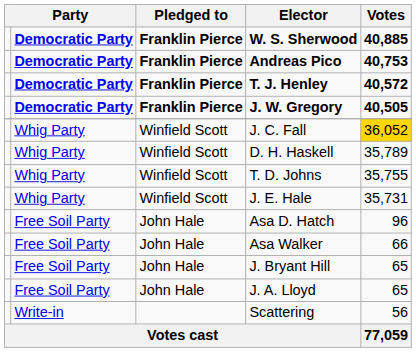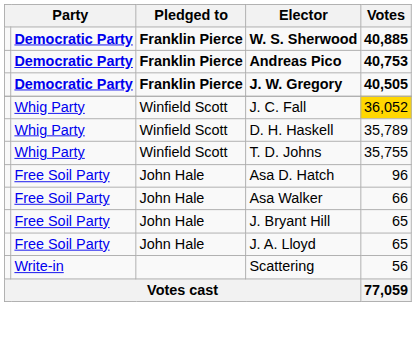 <table class="wikitable">
 <tr>
 <th colspan=2>Party</th>
 <th>Pledged to</th>
 <th>Elector</th>
 <th>Votes</th>
 </tr>
 <tr style="font-weight:bold">
 <td></td>
 <td><a href='#'>Democratic Party</a></td>
 <td>Franklin Pierce</td>
 <td>W. S. Sherwood</td>
 <td align="right">40,885</td>
 </tr>
 <tr style="font-weight:bold">
 <td></td>
 <td><a href='#'>Democratic Party</a></td>
 <td>Franklin Pierce</td>
 <td>Andreas Pico</td>
 <td align="right">40,753</td>
-</tr>
-<tr style="font-weight:bold">
-<td></td>
-<td><a href='#'>Democratic Party</a></td>
-<td>Franklin Pierce</td>
-<td>T. J. Henley</td>
-<td align="right">40,572</td>
 </tr>
 <tr style="font-weight:bold">
 <td></td>
 <td><a href='#'>Democratic Party</a></td>
 <td>Franklin Pierce</td>
 <td>J. W. Gregory</td>
 <td align="right">40,505</td>
 </tr>
 <tr style="font-weight:bold">
 </tr>
 <tr>
 <td></td>
 <td><a href='#'>Whig Party</a></td>
 <td>Winfield Scott</td>
 <td>J. C. Fall</td>
 <td align="right" style="background: gold;">36,052</td>
 </tr>
 <tr>
 <td></td>
 <td><a href='#'>Whig Party</a></td>
 <td>Winfield Scott</td>
 <td>D. H. Haskell</td>
 <td align="right">35,789</td>
 </tr>
 <tr>
 <td></td>
 <td><a href='#'>Whig Party</a></td>
 <td>Winfield Scott</td>
 <td>T. D. Johns</td>
 <td align="right">35,755</td>
-</tr>
-<tr>
-<td></td>
-<td><a href='#'>Whig Party</a></td>
-<td>Winfield Scott</td>
-<td>J. E. Hale</td>
-<td align="right">35,731</td>
 </tr>
 <tr>
 <td></td>
 <td><a href='#'>Free Soil Party</a></td>
 <td>John Hale</td>
 <td>Asa D. Hatch</td>
 <td align="right">96</td>
 </tr>
 <tr>
 <td></td>
 <td><a href='#'>Free Soil Party</a></td>
 <td>John Hale</td>
 <td>Asa Walker</td>
 <td align="right">66</td>
 </tr>
 <tr>
 <td></td>
 <td><a href='#'>Free Soil Party</a></td>
 <td>John Hale</td>
 <td>J. Bryant Hill</td>
 <td align="right">65</td>
 </tr>
 <tr>
 <td></td>
 <td><a href='#'>Free Soil Party</a></td>
 <td>John Hale</td>
 <td>J. A. Lloyd</td>
 <td align="right">65</td>
 </tr>
 <tr>
 <td></td>
 <td><a href='#'>Write-in</a></td>
 <td></td>
 <td>Scattering</td>
 <td align="right">56</td>
 </tr>
 <tr>
 <th colspan="4">Votes cast</th>
 <th>77,059</th>
 </tr>
 </table>
